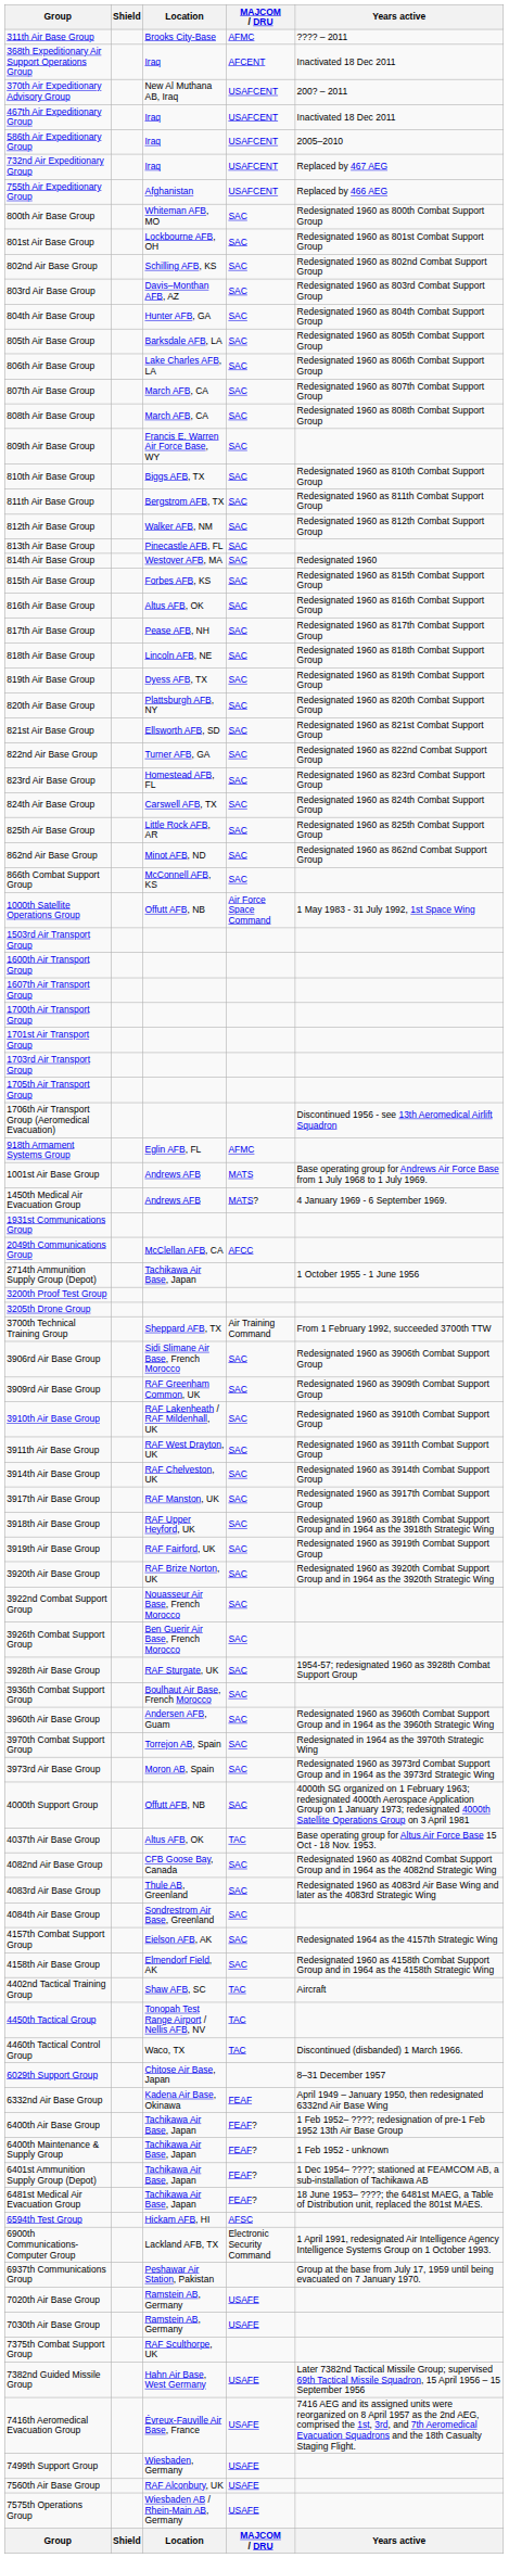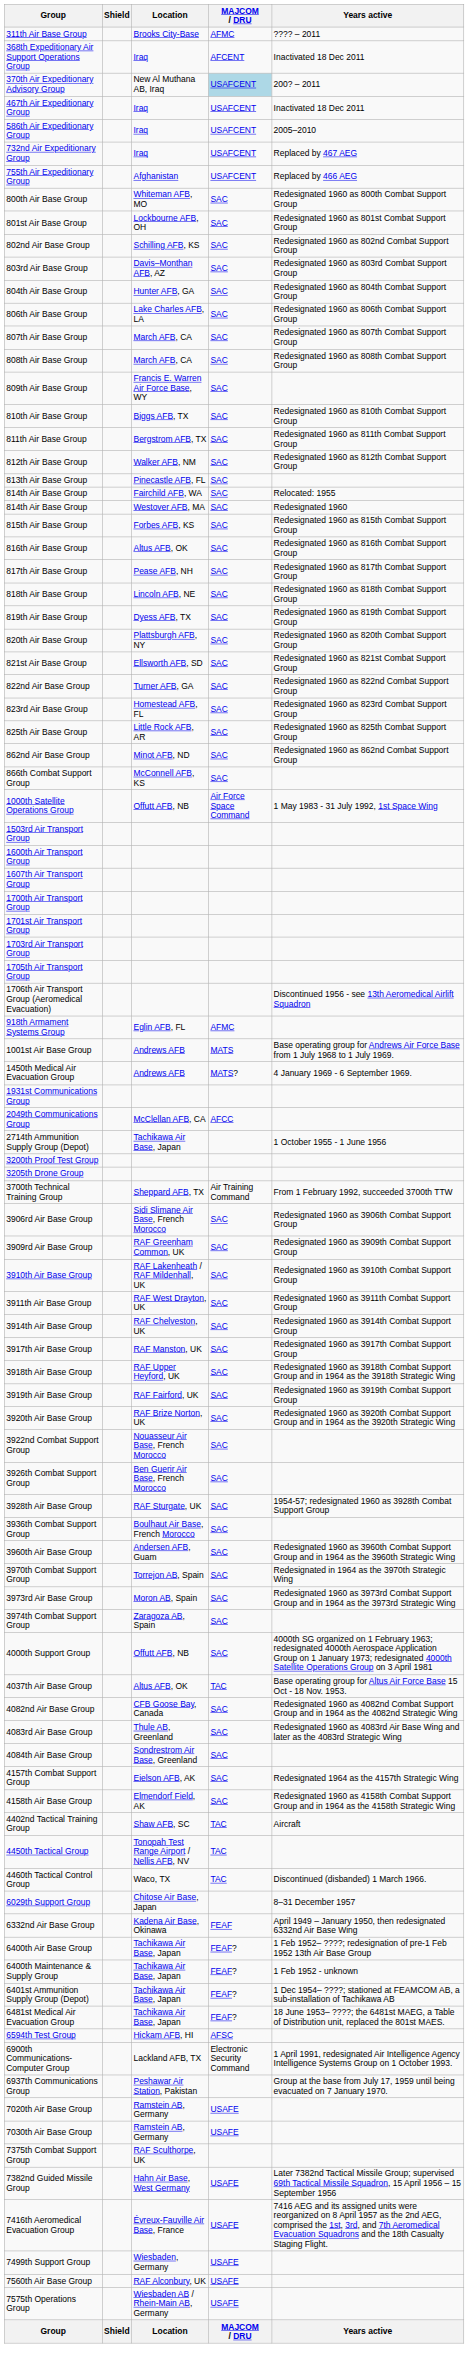 <table class="wikitable sortable">
 <tr>
 <th>Group</th>
 <th>Shield</th>
 <th>Location</th>
 <th><a href='#'>MAJCOM</a><br>/ <a href='#'>DRU</a></th>
 <th>Years active</th>
 </tr>
 <tr>
 <td><a href='#'>311th Air Base Group</a></td>
 <td></td>
 <td><a href='#'>Brooks City-Base</a></td>
 <td><a href='#'>AFMC</a></td>
 <td>???? – 2011</td>
 </tr>
 <tr>
 <td><a href='#'>368th Expeditionary Air Support Operations Group</a></td>
 <td></td>
 <td><a href='#'>Iraq</a></td>
 <td><a href='#'>AFCENT</a></td>
 <td>Inactivated 18 Dec 2011</td>
 </tr>
 <tr>
 <td><a href='#'>370th Air Expeditionary Advisory Group</a></td>
 <td></td>
 <td>New Al Muthana AB, Iraq</td>
-<td><a href='#'>USAFCENT</a></td>
+<td style="background: lightblue;"><a href='#'>USAFCENT</a></td>
 <td>200? – 2011</td>
 </tr>
 <tr>
 <td><a href='#'>467th Air Expeditionary Group</a></td>
 <td></td>
 <td><a href='#'>Iraq</a></td>
 <td><a href='#'>USAFCENT</a></td>
 <td>Inactivated 18 Dec 2011</td>
 </tr>
 <tr>
 <td><a href='#'>586th Air Expeditionary Group</a></td>
 <td></td>
 <td><a href='#'>Iraq</a></td>
 <td><a href='#'>USAFCENT</a></td>
 <td>2005–2010</td>
 </tr>
 <tr>
 <td><a href='#'>732nd Air Expeditionary Group</a></td>
 <td></td>
 <td><a href='#'>Iraq</a></td>
 <td><a href='#'>USAFCENT</a></td>
 <td>Replaced by <a href='#'>467 AEG</a></td>
 </tr>
 <tr>
 <td><a href='#'>755th Air Expeditionary Group</a></td>
 <td></td>
 <td><a href='#'>Afghanistan</a></td>
 <td><a href='#'>USAFCENT</a></td>
 <td>Replaced by <a href='#'>466 AEG</a></td>
 </tr>
 <tr>
 <td>800th Air Base Group</td>
 <td></td>
 <td><a href='#'>Whiteman AFB</a>, MO</td>
 <td><a href='#'>SAC</a></td>
 <td>Redesignated 1960 as 800th Combat Support Group</td>
 </tr>
 <tr>
 <td>801st Air Base Group</td>
 <td></td>
 <td><a href='#'>Lockbourne AFB</a>, OH</td>
 <td><a href='#'>SAC</a></td>
 <td>Redesignated 1960 as 801st Combat Support Group</td>
 </tr>
 <tr>
 <td>802nd Air Base Group</td>
 <td></td>
 <td><a href='#'>Schilling AFB</a>, KS</td>
 <td><a href='#'>SAC</a></td>
 <td>Redesignated 1960 as 802nd Combat Support Group</td>
 </tr>
 <tr>
 <td>803rd Air Base Group</td>
 <td></td>
 <td><a href='#'>Davis–Monthan AFB</a>, AZ</td>
 <td><a href='#'>SAC</a></td>
 <td>Redesignated 1960 as 803rd Combat Support Group</td>
 </tr>
 <tr>
 <td>804th Air Base Group</td>
 <td></td>
 <td><a href='#'>Hunter AFB</a>, GA</td>
 <td><a href='#'>SAC</a></td>
 <td>Redesignated 1960 as 804th Combat Support Group</td>
 </tr>
 <tr>
-<td>805th Air Base Group</td>
-<td></td>
-<td><a href='#'>Barksdale AFB</a>, LA</td>
-<td><a href='#'>SAC</a></td>
-<td>Redesignated 1960 as 805th Combat Support Group</td>
-</tr>
-<tr>
 <td>806th Air Base Group</td>
 <td></td>
 <td><a href='#'>Lake Charles AFB</a>, LA</td>
 <td><a href='#'>SAC</a></td>
 <td>Redesignated 1960 as 806th Combat Support Group</td>
 </tr>
 <tr>
 <td>807th Air Base Group</td>
 <td></td>
 <td><a href='#'>March AFB</a>, CA</td>
 <td><a href='#'>SAC</a></td>
 <td>Redesignated 1960 as 807th Combat Support Group</td>
 </tr>
 <tr>
 <td>808th Air Base Group</td>
 <td></td>
 <td><a href='#'>March AFB</a>, CA</td>
 <td><a href='#'>SAC</a></td>
 <td>Redesignated 1960 as 808th Combat Support Group</td>
 </tr>
 <tr>
 <td>809th Air Base Group</td>
 <td></td>
 <td><a href='#'>Francis E. Warren Air Force Base</a>, WY</td>
 <td><a href='#'>SAC</a></td>
 <td></td>
 </tr>
 <tr>
 <td>810th Air Base Group</td>
 <td></td>
 <td><a href='#'>Biggs AFB</a>, TX</td>
 <td><a href='#'>SAC</a></td>
 <td>Redesignated 1960 as 810th Combat Support Group</td>
 </tr>
 <tr>
 <td>811th Air Base Group</td>
 <td></td>
 <td><a href='#'>Bergstrom AFB</a>, TX</td>
 <td><a href='#'>SAC</a></td>
 <td>Redesignated 1960 as 811th Combat Support Group</td>
 </tr>
 <tr>
 <td>812th Air Base Group</td>
 <td></td>
 <td><a href='#'>Walker AFB</a>, NM</td>
 <td><a href='#'>SAC</a></td>
 <td>Redesignated 1960 as 812th Combat Support Group</td>
 </tr>
 <tr>
 <td>813th Air Base Group</td>
 <td></td>
 <td><a href='#'>Pinecastle AFB</a>, FL</td>
 <td><a href='#'>SAC</a></td>
 <td></td>
+</tr>
+<tr>
+<td>814th Air Base Group</td>
+<td></td>
+<td><a href='#'>Fairchild AFB</a>, WA</td>
+<td><a href='#'>SAC</a></td>
+<td>Relocated: 1955</td>
 </tr>
 <tr>
 <td>814th Air Base Group</td>
 <td></td>
 <td><a href='#'>Westover AFB</a>, MA</td>
 <td><a href='#'>SAC</a></td>
 <td>Redesignated 1960</td>
 </tr>
 <tr>
 <td>815th Air Base Group</td>
 <td></td>
 <td><a href='#'>Forbes AFB</a>, KS</td>
 <td><a href='#'>SAC</a></td>
 <td>Redesignated 1960 as 815th Combat Support Group</td>
 </tr>
 <tr>
 <td>816th Air Base Group</td>
 <td></td>
 <td><a href='#'>Altus AFB</a>, OK</td>
 <td><a href='#'>SAC</a></td>
 <td>Redesignated 1960 as 816th Combat Support Group</td>
 </tr>
 <tr>
 <td>817th Air Base Group</td>
 <td></td>
 <td><a href='#'>Pease AFB</a>, NH</td>
 <td><a href='#'>SAC</a></td>
 <td>Redesignated 1960 as 817th Combat Support Group</td>
 </tr>
 <tr>
 <td>818th Air Base Group</td>
 <td></td>
 <td><a href='#'>Lincoln AFB</a>, NE</td>
 <td><a href='#'>SAC</a></td>
 <td>Redesignated 1960 as 818th Combat Support Group</td>
 </tr>
 <tr>
 <td>819th Air Base Group</td>
 <td></td>
 <td><a href='#'>Dyess AFB</a>, TX</td>
 <td><a href='#'>SAC</a></td>
 <td>Redesignated 1960 as 819th Combat Support Group</td>
 </tr>
 <tr>
 <td>820th Air Base Group</td>
 <td></td>
 <td><a href='#'>Plattsburgh AFB</a>, NY</td>
 <td><a href='#'>SAC</a></td>
 <td>Redesignated 1960 as 820th Combat Support Group</td>
 </tr>
 <tr>
 <td>821st Air Base Group</td>
 <td></td>
 <td><a href='#'>Ellsworth AFB</a>, SD</td>
 <td><a href='#'>SAC</a></td>
 <td>Redesignated 1960 as 821st Combat Support Group</td>
 </tr>
 <tr>
 <td>822nd Air Base Group</td>
 <td></td>
 <td><a href='#'>Turner AFB</a>, GA</td>
 <td><a href='#'>SAC</a></td>
 <td>Redesignated 1960 as 822nd Combat Support Group</td>
 </tr>
 <tr>
 <td>823rd Air Base Group</td>
 <td></td>
 <td><a href='#'>Homestead AFB</a>, FL</td>
 <td><a href='#'>SAC</a></td>
 <td>Redesignated 1960 as 823rd Combat Support Group</td>
-</tr>
-<tr>
-<td>824th Air Base Group</td>
-<td></td>
-<td><a href='#'>Carswell AFB</a>, TX</td>
-<td><a href='#'>SAC</a></td>
-<td>Redesignated 1960 as 824th Combat Support Group</td>
 </tr>
 <tr>
 <td>825th Air Base Group</td>
 <td></td>
 <td><a href='#'>Little Rock AFB</a>, AR</td>
 <td><a href='#'>SAC</a></td>
 <td>Redesignated 1960 as 825th Combat Support Group</td>
 </tr>
 <tr>
 <td>862nd Air Base Group</td>
 <td></td>
 <td><a href='#'>Minot AFB</a>, ND</td>
 <td><a href='#'>SAC</a></td>
 <td>Redesignated 1960 as 862nd Combat Support Group</td>
 </tr>
 <tr>
 <td>866th Combat Support Group</td>
 <td></td>
 <td><a href='#'>McConnell AFB</a>, KS</td>
 <td><a href='#'>SAC</a></td>
 <td></td>
 </tr>
 <tr>
 <td><a href='#'>1000th Satellite Operations Group</a></td>
 <td></td>
 <td><a href='#'>Offutt AFB</a>, NB</td>
 <td><a href='#'>Air Force Space Command</a></td>
 <td>1 May 1983 - 31 July 1992, <a href='#'>1st Space Wing</a></td>
 </tr>
 <tr>
 <td><a href='#'>1503rd Air Transport Group</a></td>
 <td></td>
 <td></td>
 <td></td>
 <td></td>
 </tr>
 <tr>
 <td><a href='#'>1600th Air Transport Group</a></td>
 <td></td>
 <td></td>
 <td></td>
 <td></td>
 </tr>
 <tr>
 <td><a href='#'>1607th Air Transport Group</a></td>
 <td></td>
 <td></td>
 <td></td>
 <td></td>
 </tr>
 <tr>
 <td><a href='#'>1700th Air Transport Group</a></td>
 <td></td>
 <td></td>
 <td></td>
 <td></td>
 </tr>
 <tr>
 <td><a href='#'>1701st Air Transport Group</a></td>
 <td></td>
 <td></td>
 <td></td>
 <td></td>
 </tr>
 <tr>
 <td><a href='#'>1703rd Air Transport Group</a></td>
 <td></td>
 <td></td>
 <td></td>
 <td></td>
 </tr>
 <tr>
 <td><a href='#'>1705th Air Transport Group</a></td>
 <td></td>
 <td></td>
 <td></td>
 <td></td>
 </tr>
 <tr>
 <td>1706th Air Transport Group (Aeromedical Evacuation)</td>
 <td></td>
 <td></td>
 <td></td>
 <td>Discontinued 1956 - see <a href='#'>13th Aeromedical Airlift Squadron</a></td>
 </tr>
 <tr>
 <td><a href='#'>918th Armament Systems Group</a></td>
 <td></td>
 <td><a href='#'>Eglin AFB</a>, FL</td>
 <td><a href='#'>AFMC</a></td>
 <td></td>
 </tr>
 <tr>
 <td>1001st Air Base Group</td>
 <td></td>
 <td><a href='#'>Andrews AFB</a></td>
 <td><a href='#'>MATS</a></td>
 <td>Base operating group for <a href='#'>Andrews Air Force Base</a> from 1 July 1968 to 1 July 1969.</td>
 </tr>
 <tr>
 <td>1450th Medical Air Evacuation Group</td>
 <td></td>
 <td><a href='#'>Andrews AFB</a></td>
 <td><a href='#'>MATS</a>?</td>
 <td>4 January 1969 - 6 September 1969.</td>
 </tr>
 <tr>
 <td><a href='#'>1931st Communications Group</a></td>
 <td></td>
 <td></td>
 <td></td>
 <td></td>
 </tr>
 <tr>
 <td><a href='#'>2049th Communications Group</a></td>
 <td></td>
 <td><a href='#'>McClellan AFB</a>, CA</td>
 <td><a href='#'>AFCC</a></td>
 <td></td>
 </tr>
 <tr>
 <td>2714th Ammunition Supply Group (Depot)</td>
 <td></td>
 <td><a href='#'>Tachikawa Air Base</a>, Japan</td>
 <td></td>
 <td>1 October 1955 - 1 June 1956</td>
 </tr>
 <tr>
 <td><a href='#'>3200th Proof Test Group</a></td>
 <td></td>
 <td></td>
 <td></td>
 <td></td>
 </tr>
 <tr>
 <td><a href='#'>3205th Drone Group</a></td>
 <td></td>
 <td></td>
 <td></td>
 <td></td>
 </tr>
 <tr>
 <td>3700th Technical Training Group</td>
 <td></td>
 <td><a href='#'>Sheppard AFB</a>, TX</td>
 <td>Air Training Command</td>
 <td>From 1 February 1992, succeeded 3700th TTW</td>
 </tr>
 <tr>
 <td>3906rd Air Base Group</td>
 <td></td>
 <td><a href='#'>Sidi Slimane Air Base</a>, French <a href='#'>Morocco</a></td>
 <td><a href='#'>SAC</a></td>
 <td>Redesignated 1960 as 3906th Combat Support Group</td>
 </tr>
 <tr>
 <td>3909rd Air Base Group</td>
 <td></td>
 <td><a href='#'>RAF Greenham Common</a>, UK</td>
 <td><a href='#'>SAC</a></td>
 <td>Redesignated 1960 as 3909th Combat Support Group</td>
 </tr>
 <tr>
 <td><a href='#'>3910th Air Base Group</a></td>
 <td></td>
 <td><a href='#'>RAF Lakenheath</a> / <a href='#'>RAF Mildenhall</a>, UK</td>
 <td><a href='#'>SAC</a></td>
 <td>Redesignated 1960 as 3910th Combat Support Group</td>
 </tr>
 <tr>
 <td>3911th Air Base Group</td>
 <td></td>
 <td><a href='#'>RAF West Drayton</a>, UK</td>
 <td><a href='#'>SAC</a></td>
 <td>Redesignated 1960 as 3911th Combat Support Group</td>
 </tr>
 <tr>
 <td>3914th Air Base Group</td>
 <td></td>
 <td><a href='#'>RAF Chelveston</a>, UK</td>
 <td><a href='#'>SAC</a></td>
 <td>Redesignated 1960 as 3914th Combat Support Group</td>
 </tr>
 <tr>
 <td>3917th Air Base Group</td>
 <td></td>
 <td><a href='#'>RAF Manston</a>, UK</td>
 <td><a href='#'>SAC</a></td>
 <td>Redesignated 1960 as 3917th Combat Support Group</td>
 </tr>
 <tr>
 <td>3918th Air Base Group</td>
 <td></td>
 <td><a href='#'>RAF Upper Heyford</a>, UK</td>
 <td><a href='#'>SAC</a></td>
 <td>Redesignated 1960 as 3918th Combat Support Group and in 1964 as the 3918th Strategic Wing</td>
 </tr>
 <tr>
 <td>3919th Air Base Group</td>
 <td></td>
 <td><a href='#'>RAF Fairford</a>, UK</td>
 <td><a href='#'>SAC</a></td>
 <td>Redesignated 1960 as 3919th Combat Support Group</td>
 </tr>
 <tr>
 <td>3920th Air Base Group</td>
 <td></td>
 <td><a href='#'>RAF Brize Norton</a>, UK</td>
 <td><a href='#'>SAC</a></td>
 <td>Redesignated 1960 as 3920th Combat Support Group and in 1964 as the 3920th Strategic Wing</td>
 </tr>
 <tr>
 <td>3922nd Combat Support Group</td>
 <td></td>
 <td><a href='#'>Nouasseur Air Base</a>, French <a href='#'>Morocco</a></td>
 <td><a href='#'>SAC</a></td>
 <td></td>
 </tr>
 <tr>
 <td>3926th Combat Support Group</td>
 <td></td>
 <td><a href='#'>Ben Guerir Air Base</a>, French <a href='#'>Morocco</a></td>
 <td><a href='#'>SAC</a></td>
 <td></td>
 </tr>
 <tr>
 <td>3928th Air Base Group</td>
 <td></td>
 <td><a href='#'>RAF Sturgate</a>, UK</td>
 <td><a href='#'>SAC</a></td>
 <td>1954-57; redesignated 1960 as 3928th Combat Support Group</td>
 </tr>
 <tr>
 <td>3936th Combat Support Group</td>
 <td></td>
 <td><a href='#'>Boulhaut Air Base</a>, French <a href='#'>Morocco</a></td>
 <td><a href='#'>SAC</a></td>
 <td></td>
 </tr>
 <tr>
 <td>3960th Air Base Group</td>
 <td></td>
 <td><a href='#'>Andersen AFB</a>, Guam</td>
 <td><a href='#'>SAC</a></td>
 <td>Redesignated 1960 as 3960th Combat Support Group and in 1964 as the 3960th Strategic Wing</td>
 </tr>
 <tr>
 <td>3970th Combat Support Group</td>
 <td></td>
 <td><a href='#'>Torrejon AB</a>, Spain</td>
 <td><a href='#'>SAC</a></td>
 <td>Redesignated in 1964 as the 3970th Strategic Wing</td>
 </tr>
 <tr>
 <td>3973rd Air Base Group</td>
 <td></td>
 <td><a href='#'>Moron AB</a>, Spain</td>
 <td><a href='#'>SAC</a></td>
 <td>Redesignated 1960 as 3973rd Combat Support Group and in 1964 as the 3973rd Strategic Wing</td>
 </tr>
 <tr>
+<td>3974th Combat Support Group</td>
+<td></td>
+<td><a href='#'>Zaragoza AB</a>, Spain</td>
+<td><a href='#'>SAC</a></td>
+<td></td>
+</tr>
+<tr>
 <td>4000th Support Group</td>
 <td></td>
 <td><a href='#'>Offutt AFB</a>, NB</td>
 <td><a href='#'>SAC</a></td>
 <td>4000th SG organized on 1 February 1963; redesignated 4000th Aerospace Application Group on 1 January 1973; redesignated <a href='#'>4000th Satellite Operations Group</a> on 3 April 1981</td>
 </tr>
 <tr>
 <td>4037th Air Base Group</td>
 <td></td>
 <td><a href='#'>Altus AFB</a>, OK</td>
 <td><a href='#'>TAC</a></td>
 <td>Base operating group for <a href='#'>Altus Air Force Base</a> 15 Oct - 18 Nov. 1953.</td>
 </tr>
 <tr>
 <td>4082nd Air Base Group</td>
 <td></td>
 <td><a href='#'>CFB Goose Bay</a>, Canada</td>
 <td><a href='#'>SAC</a></td>
 <td>Redesignated 1960 as 4082nd Combat Support Group and in 1964 as the 4082nd Strategic Wing</td>
 </tr>
 <tr>
 <td>4083rd Air Base Group</td>
 <td></td>
 <td><a href='#'>Thule AB</a>, Greenland</td>
 <td><a href='#'>SAC</a></td>
 <td>Redesignated 1960 as 4083rd Air Base Wing and later as the 4083rd Strategic Wing</td>
 </tr>
 <tr>
 <td>4084th Air Base Group</td>
 <td></td>
 <td><a href='#'>Sondrestrom Air Base</a>, Greenland</td>
 <td><a href='#'>SAC</a></td>
 <td></td>
 </tr>
 <tr>
 <td>4157th Combat Support Group</td>
 <td></td>
 <td><a href='#'>Eielson AFB</a>, AK</td>
 <td><a href='#'>SAC</a></td>
 <td>Redesignated 1964 as the 4157th Strategic Wing</td>
 </tr>
 <tr>
 <td>4158th Air Base Group</td>
 <td></td>
 <td><a href='#'>Elmendorf Field</a>, AK</td>
 <td><a href='#'>SAC</a></td>
 <td>Redesignated 1960 as 4158th Combat Support Group and in 1964 as the 4158th Strategic Wing</td>
 </tr>
 <tr>
 <td>4402nd Tactical Training Group</td>
 <td></td>
 <td><a href='#'>Shaw AFB</a>, SC</td>
 <td><a href='#'>TAC</a></td>
 <td>Aircraft</td>
 </tr>
 <tr>
 <td><a href='#'>4450th Tactical Group</a></td>
 <td></td>
 <td><a href='#'>Tonopah Test Range Airport</a> / <a href='#'>Nellis AFB</a>, NV</td>
 <td><a href='#'>TAC</a></td>
 <td></td>
 </tr>
 <tr>
 <td>4460th Tactical Control Group</td>
 <td></td>
 <td>Waco, TX</td>
 <td><a href='#'>TAC</a></td>
 <td>Discontinued (disbanded) 1 March 1966.</td>
 </tr>
 <tr>
 <td><a href='#'>6029th Support Group</a></td>
 <td></td>
 <td><a href='#'>Chitose Air Base</a>, Japan</td>
 <td></td>
 <td>8–31 December 1957</td>
 </tr>
 <tr>
 <td>6332nd Air Base Group</td>
 <td></td>
 <td><a href='#'>Kadena Air Base</a>, Okinawa</td>
 <td><a href='#'>FEAF</a></td>
 <td>April 1949 – January 1950, then redesignated 6332nd Air Base Wing</td>
 </tr>
 <tr>
 <td>6400th Air Base Group</td>
 <td></td>
 <td><a href='#'>Tachikawa Air Base</a>, Japan</td>
 <td><a href='#'>FEAF</a>?</td>
 <td>1 Feb 1952– ????; redesignation of pre-1 Feb 1952 13th Air Base Group</td>
 </tr>
 <tr>
 <td>6400th Maintenance & Supply Group</td>
 <td></td>
 <td><a href='#'>Tachikawa Air Base</a>, Japan</td>
 <td><a href='#'>FEAF</a>?</td>
 <td>1 Feb 1952 - unknown</td>
 </tr>
 <tr>
 <td>6401st Ammunition Supply Group (Depot)</td>
 <td></td>
 <td><a href='#'>Tachikawa Air Base</a>, Japan</td>
 <td><a href='#'>FEAF</a>?</td>
 <td>1 Dec 1954– ????; stationed at FEAMCOM AB, a sub-installation of Tachikawa AB</td>
 </tr>
 <tr>
 <td>6481st Medical Air Evacuation Group</td>
 <td></td>
 <td><a href='#'>Tachikawa Air Base</a>, Japan</td>
 <td><a href='#'>FEAF</a>?</td>
 <td>18 June 1953– ????; the 6481st MAEG, a Table of Distribution unit, replaced the 801st MAES.</td>
 </tr>
 <tr>
 <td><a href='#'>6594th Test Group</a></td>
 <td></td>
 <td><a href='#'>Hickam AFB</a>, HI</td>
 <td><a href='#'>AFSC</a></td>
 <td></td>
 </tr>
 <tr>
 <td>6900th Communications-Computer Group</td>
 <td></td>
 <td>Lackland AFB, TX</td>
 <td>Electronic Security Command</td>
 <td>1 April 1991, redesignated Air Intelligence Agency Intelligence Systems Group on 1 October 1993.</td>
 </tr>
 <tr>
 <td>6937th Communications Group</td>
 <td></td>
 <td><a href='#'>Peshawar Air Station</a>, Pakistan</td>
 <td></td>
 <td>Group at the base from July 17, 1959 until being evacuated on 7 January 1970.</td>
 </tr>
 <tr>
 <td>7020th Air Base Group</td>
 <td></td>
 <td><a href='#'>Ramstein AB</a>, Germany</td>
 <td><a href='#'>USAFE</a></td>
 <td></td>
 </tr>
 <tr>
 <td>7030th Air Base Group</td>
 <td></td>
 <td><a href='#'>Ramstein AB</a>, Germany</td>
 <td><a href='#'>USAFE</a></td>
 <td></td>
 </tr>
 <tr>
 <td>7375th Combat Support Group</td>
 <td></td>
 <td><a href='#'>RAF Sculthorpe</a>, UK</td>
 <td></td>
 <td></td>
 </tr>
 <tr>
 <td>7382nd Guided Missile Group</td>
 <td></td>
 <td><a href='#'>Hahn Air Base</a>, <a href='#'>West Germany</a></td>
 <td><a href='#'>USAFE</a></td>
 <td>Later 7382nd Tactical Missile Group; supervised <a href='#'>69th Tactical Missile Squadron</a>, 15 April 1956 – 15 September 1956</td>
 </tr>
 <tr>
 <td>7416th Aeromedical Evacuation Group</td>
 <td></td>
 <td><a href='#'>Évreux-Fauville Air Base</a>, France</td>
 <td><a href='#'>USAFE</a></td>
 <td>7416 AEG and its assigned units were reorganized on 8 April 1957 as the 2nd AEG, comprised the <a href='#'>1st</a>, <a href='#'>3rd</a>, and <a href='#'>7th Aeromedical Evacuation Squadrons</a> and the 18th Casualty Staging Flight.</td>
 </tr>
 <tr>
 <td>7499th Support Group</td>
 <td></td>
 <td><a href='#'>Wiesbaden</a>, Germany</td>
 <td><a href='#'>USAFE</a></td>
 <td></td>
 </tr>
 <tr>
 <td>7560th Air Base Group</td>
 <td></td>
 <td><a href='#'>RAF Alconbury</a>, UK</td>
 <td><a href='#'>USAFE</a></td>
 <td></td>
 </tr>
 <tr>
 <td>7575th Operations Group</td>
 <td></td>
 <td><a href='#'>Wiesbaden AB</a> / <a href='#'>Rhein-Main AB</a>, Germany</td>
 <td><a href='#'>USAFE</a></td>
 <td></td>
 </tr>
 <tr>
 <th>Group</th>
 <th>Shield</th>
 <th>Location</th>
 <th><a href='#'>MAJCOM</a><br>/ <a href='#'>DRU</a></th>
 <th>Years active</th>
 </tr>
 </table>
